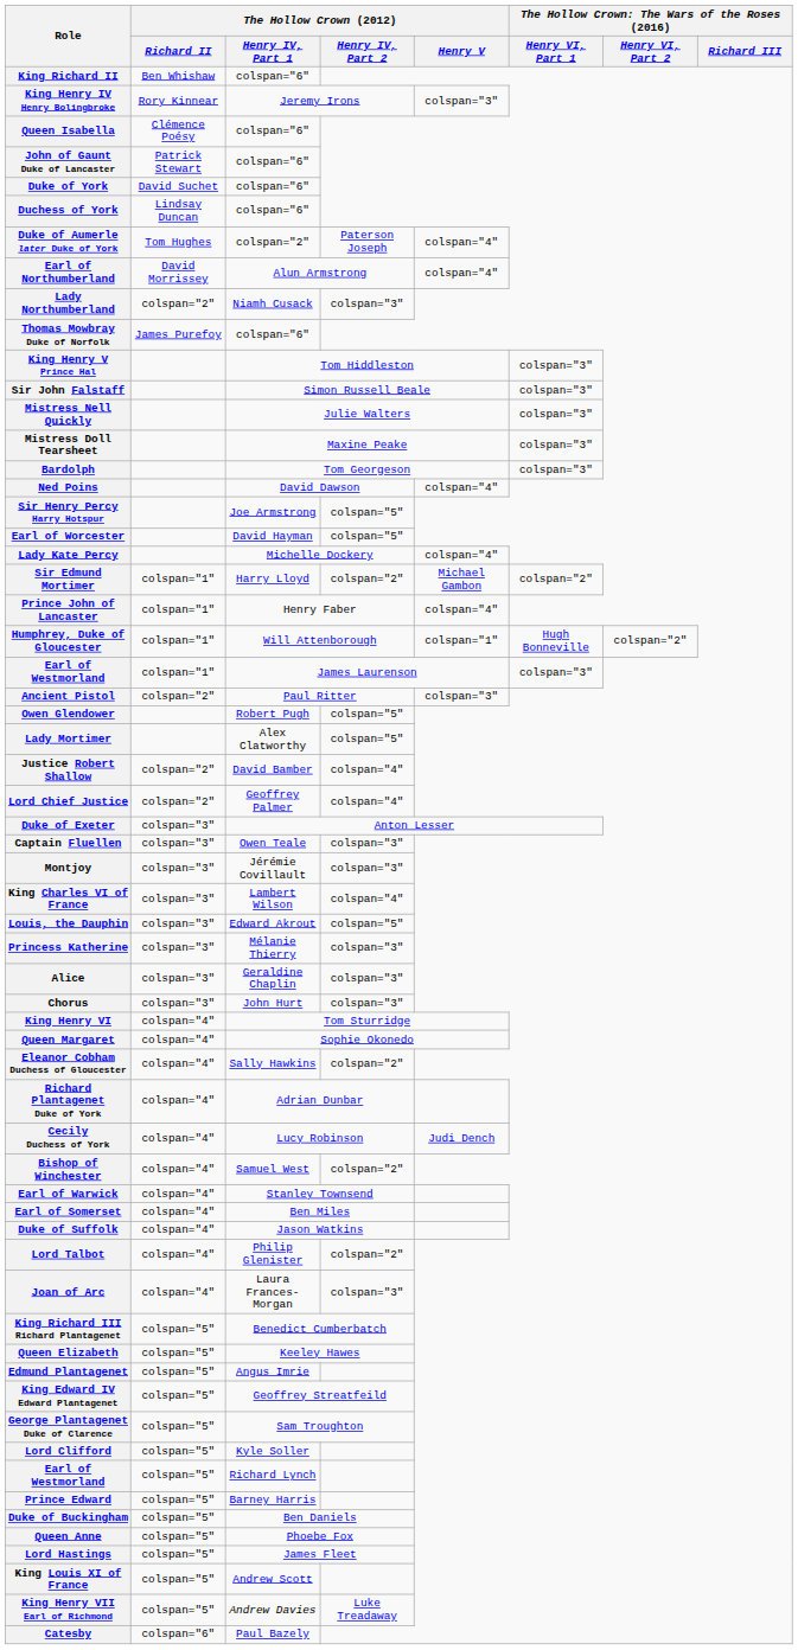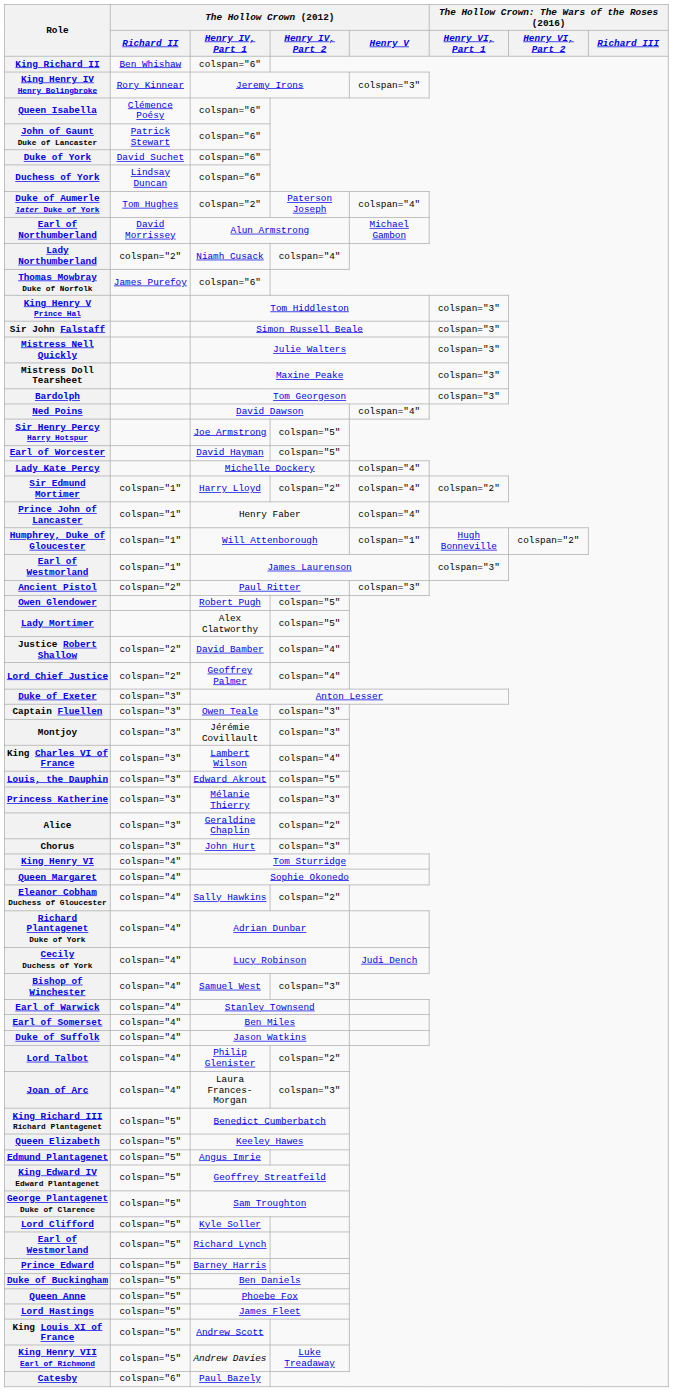 <table class="wikitable" style="text-align:center; width:73%;">
 <tr>
 <th scope="col" style="width: 16%;" rowspan="2">Role</th>
 <th scope="col" colspan="4"><em>The Hollow Crown</em> (2012)</th>
 <th scope="col" colspan="3"><em>The Hollow Crown: The Wars of the Roses</em> (2016)</th>
 </tr>
 <tr>
 <th scope="col" style="width: 12%;"><em><a href='#'>Richard II</a></em></th>
 <th scope="col" style="width: 12%;"><em><a href='#'>Henry IV,<br>Part 1</a></em></th>
 <th scope="col" style="width: 12%;"><em><a href='#'>Henry IV,<br>Part 2</a></em></th>
 <th scope="col" style="width: 12%;"><em><a href='#'>Henry V</a></em></th>
 <th scope="col" style="width: 12%;"><em><a href='#'>Henry VI,<br>Part 1</a></em></th>
 <th scope="col" style="width: 12%;"><em><a href='#'>Henry VI,<br>Part 2</a></em></th>
 <th scope="col" style="width: 12%;"><em><a href='#'>Richard III</a></em></th>
 </tr>
 <tr>
 <th><a href='#'>King Richard II</a></th>
 <td><a href='#'>Ben Whishaw</a></td>
 <td>colspan="6" </td>
 </tr>
 <tr>
 <th><a href='#'>King Henry IV <br><small>Henry Bolingbroke</small></a></th>
 <td><a href='#'>Rory Kinnear</a></td>
 <td colspan="2"><a href='#'>Jeremy Irons</a></td>
 <td>colspan="3" </td>
 </tr>
 <tr>
 <th><a href='#'>Queen Isabella</a></th>
 <td><a href='#'>Clémence Poésy</a></td>
 <td>colspan="6" </td>
 </tr>
 <tr>
 <th><a href='#'>John of Gaunt</a> <br><small>Duke of Lancaster</small></th>
 <td><a href='#'>Patrick Stewart</a></td>
 <td>colspan="6" </td>
 </tr>
 <tr>
 <th><a href='#'>Duke of York</a></th>
 <td><a href='#'>David Suchet</a></td>
 <td>colspan="6" </td>
 </tr>
 <tr>
 <th><a href='#'>Duchess of York</a></th>
 <td><a href='#'>Lindsay Duncan</a></td>
 <td>colspan="6" </td>
 </tr>
 <tr>
 <th><a href='#'>Duke of Aumerle <br><small><em>later</em> Duke of York</small></a></th>
 <td><a href='#'>Tom Hughes</a></td>
 <td>colspan="2" </td>
 <td><a href='#'>Paterson Joseph</a></td>
 <td>colspan="4" </td>
 </tr>
 <tr>
 <th><a href='#'>Earl of Northumberland</a></th>
 <td><a href='#'>David Morrissey</a></td>
 <td colspan="2"><a href='#'>Alun Armstrong</a></td>
-<td>colspan="4" </td>
+<td><a href='#'>Michael Gambon</a></td>
 </tr>
 <tr>
 <th><a href='#'>Lady Northumberland</a></th>
 <td>colspan="2" </td>
 <td><a href='#'>Niamh Cusack</a></td>
-<td>colspan="3" </td>
+<td>colspan="4" </td>
 </tr>
 <tr>
 <th><a href='#'>Thomas Mowbray</a> <br><small>Duke of Norfolk</small></th>
 <td><a href='#'>James Purefoy</a></td>
 <td>colspan="6" </td>
 </tr>
 <tr>
 <th><a href='#'>King Henry V <br><small>Prince Hal</small></a></th>
 <td></td>
 <td colspan="3"><a href='#'>Tom Hiddleston</a></td>
 <td>colspan="3" </td>
 </tr>
 <tr>
 <th>Sir John <a href='#'>Falstaff</a></th>
 <td></td>
 <td colspan="3"><a href='#'>Simon Russell Beale</a></td>
 <td>colspan="3" </td>
 </tr>
 <tr>
 <th><a href='#'>Mistress Nell Quickly</a></th>
 <td></td>
 <td colspan="3"><a href='#'>Julie Walters</a></td>
 <td>colspan="3" </td>
 </tr>
 <tr>
 <th>Mistress Doll Tearsheet</th>
 <td></td>
 <td colspan="3"><a href='#'>Maxine Peake</a></td>
 <td>colspan="3" </td>
 </tr>
 <tr>
 <th><a href='#'>Bardolph</a></th>
 <td></td>
 <td colspan="3"><a href='#'>Tom Georgeson</a></td>
 <td>colspan="3" </td>
 </tr>
 <tr>
 <th><a href='#'>Ned Poins</a></th>
 <td></td>
 <td colspan="2"><a href='#'>David Dawson</a></td>
 <td>colspan="4" </td>
 </tr>
 <tr>
 <th><a href='#'>Sir Henry Percy <br><small>Harry Hotspur</small></a></th>
 <td></td>
 <td colspan="1"><a href='#'>Joe Armstrong</a></td>
 <td>colspan="5" </td>
 </tr>
 <tr>
 <th><a href='#'>Earl of Worcester</a></th>
 <td></td>
 <td><a href='#'>David Hayman</a></td>
 <td>colspan="5" </td>
 </tr>
 <tr>
 <th><a href='#'>Lady Kate Percy</a></th>
 <td></td>
 <td colspan="2"><a href='#'>Michelle Dockery</a></td>
 <td>colspan="4" </td>
 </tr>
 <tr>
 <th><a href='#'>Sir Edmund Mortimer</a></th>
 <td>colspan="1" </td>
 <td colspan="1"><a href='#'>Harry Lloyd</a></td>
 <td>colspan="2" </td>
-<td><a href='#'>Michael Gambon</a></td>
+<td>colspan="4" </td>
 <td>colspan="2" </td>
 </tr>
 <tr>
 <th><a href='#'>Prince John of Lancaster</a></th>
 <td>colspan="1" </td>
 <td colspan="2">Henry Faber</td>
 <td>colspan="4" </td>
 </tr>
 <tr>
 <th><a href='#'>Humphrey, Duke of Gloucester</a></th>
 <td>colspan="1" </td>
 <td colspan="2"><a href='#'>Will Attenborough</a></td>
 <td>colspan="1" </td>
 <td><a href='#'>Hugh Bonneville</a></td>
 <td>colspan="2" </td>
 </tr>
 <tr>
 <th><a href='#'>Earl of Westmorland</a></th>
 <td>colspan="1" </td>
 <td colspan="3"><a href='#'>James Laurenson</a></td>
 <td>colspan="3" </td>
 </tr>
 <tr>
 <th><a href='#'>Ancient Pistol</a></th>
 <td>colspan="2" </td>
 <td colspan="2"><a href='#'>Paul Ritter</a></td>
 <td>colspan="3" </td>
 </tr>
 <tr>
 <th><a href='#'>Owen Glendower</a></th>
 <td></td>
 <td><a href='#'>Robert Pugh</a></td>
 <td>colspan="5" </td>
 </tr>
 <tr>
 <th><a href='#'>Lady Mortimer</a></th>
 <td></td>
 <td>Alex Clatworthy</td>
 <td>colspan="5" </td>
 </tr>
 <tr>
 <th>Justice <a href='#'>Robert Shallow</a></th>
 <td>colspan="2" </td>
 <td><a href='#'>David Bamber</a></td>
 <td>colspan="4" </td>
 </tr>
 <tr>
 <th><a href='#'>Lord Chief Justice</a></th>
 <td>colspan="2" </td>
 <td><a href='#'>Geoffrey Palmer</a></td>
 <td>colspan="4" </td>
 </tr>
 <tr>
 <th><a href='#'>Duke of Exeter</a></th>
 <td>colspan="3" </td>
 <td colspan="4"><a href='#'>Anton Lesser</a></td>
 </tr>
 <tr>
 <th>Captain <a href='#'>Fluellen</a></th>
 <td>colspan="3" </td>
 <td><a href='#'>Owen Teale</a></td>
 <td>colspan="3" </td>
 </tr>
 <tr>
 <th>Montjoy</th>
 <td>colspan="3" </td>
 <td>Jérémie Covillault</td>
 <td>colspan="3" </td>
 </tr>
 <tr>
 <th>King <a href='#'>Charles VI of France</a></th>
 <td>colspan="3" </td>
 <td><a href='#'>Lambert Wilson</a></td>
 <td>colspan="4" </td>
 </tr>
 <tr>
 <th><a href='#'>Louis, the Dauphin</a></th>
 <td>colspan="3" </td>
 <td><a href='#'>Edward Akrout</a></td>
 <td>colspan="5" </td>
 </tr>
 <tr>
 <th><a href='#'>Princess Katherine</a></th>
 <td>colspan="3" </td>
 <td><a href='#'>Mélanie Thierry</a></td>
 <td>colspan="3" </td>
 </tr>
 <tr>
 <th>Alice</th>
 <td>colspan="3" </td>
 <td><a href='#'>Geraldine Chaplin</a></td>
-<td>colspan="3" </td>
+<td>colspan="2" </td>
 </tr>
 <tr>
 <th>Chorus</th>
 <td>colspan="3" </td>
 <td><a href='#'>John Hurt</a></td>
 <td>colspan="3" </td>
 </tr>
 <tr>
 <th><a href='#'>King Henry VI</a></th>
 <td>colspan="4" </td>
 <td colspan="3"><a href='#'>Tom Sturridge</a></td>
 </tr>
 <tr>
 <th><a href='#'>Queen Margaret</a></th>
 <td>colspan="4" </td>
 <td colspan="3"><a href='#'>Sophie Okonedo</a></td>
 </tr>
 <tr>
 <th><a href='#'>Eleanor Cobham</a> <br><small>Duchess of Gloucester</small></th>
 <td>colspan="4" </td>
 <td><a href='#'>Sally Hawkins</a></td>
 <td>colspan="2" </td>
 </tr>
 <tr>
 <th><a href='#'>Richard Plantagenet</a> <br><small>Duke of York</small></th>
 <td>colspan="4" </td>
 <td colspan="2"><a href='#'>Adrian Dunbar</a></td>
 <td></td>
 </tr>
 <tr>
 <th><a href='#'>Cecily</a> <br><small>Duchess of York</small></th>
 <td>colspan="4" </td>
 <td colspan="2"><a href='#'>Lucy Robinson</a></td>
 <td><a href='#'>Judi Dench</a></td>
 </tr>
 <tr>
 <th><a href='#'>Bishop of Winchester</a></th>
 <td>colspan="4" </td>
 <td><a href='#'>Samuel West</a></td>
-<td>colspan="2" </td>
+<td>colspan="3" </td>
 </tr>
 <tr>
 <th><a href='#'>Earl of Warwick</a></th>
 <td>colspan="4" </td>
 <td colspan="2"><a href='#'>Stanley Townsend</a></td>
 <td></td>
 </tr>
 <tr>
 <th><a href='#'>Earl of Somerset</a></th>
 <td>colspan="4" </td>
 <td colspan="2"><a href='#'>Ben Miles</a></td>
 <td></td>
 </tr>
 <tr>
 <th><a href='#'>Duke of Suffolk</a></th>
 <td>colspan="4" </td>
 <td colspan="2"><a href='#'>Jason Watkins</a></td>
 <td></td>
 </tr>
 <tr>
 <th><a href='#'>Lord Talbot</a></th>
 <td>colspan="4" </td>
 <td><a href='#'>Philip Glenister</a></td>
 <td>colspan="2" </td>
 </tr>
 <tr>
 <th><a href='#'>Joan of Arc</a></th>
 <td>colspan="4" </td>
 <td>Laura Frances-Morgan</td>
 <td>colspan="3" </td>
 </tr>
 <tr>
 <th><a href='#'>King Richard III</a> <br><small>Richard Plantagenet</small></th>
 <td>colspan="5" </td>
 <td colspan="2"><a href='#'>Benedict Cumberbatch</a></td>
 </tr>
 <tr>
 <th><a href='#'>Queen Elizabeth</a></th>
 <td>colspan="5" </td>
 <td colspan="2"><a href='#'>Keeley Hawes</a></td>
 </tr>
 <tr>
 <th><a href='#'>Edmund Plantagenet</a></th>
 <td>colspan="5" </td>
 <td><a href='#'>Angus Imrie</a></td>
 <td></td>
 </tr>
 <tr>
 <th><a href='#'>King Edward IV</a> <br><small>Edward Plantagenet</small></th>
 <td>colspan="5" </td>
 <td colspan="2"><a href='#'>Geoffrey Streatfeild</a></td>
 </tr>
 <tr>
 <th><a href='#'>George Plantagenet</a> <br><small>Duke of Clarence</small></th>
 <td>colspan="5" </td>
 <td colspan="2"><a href='#'>Sam Troughton</a></td>
 </tr>
 <tr>
 <th><a href='#'>Lord Clifford</a></th>
 <td>colspan="5" </td>
 <td><a href='#'>Kyle Soller</a></td>
 <td></td>
 </tr>
 <tr>
 <th><a href='#'>Earl of Westmorland</a></th>
 <td>colspan="5" </td>
 <td><a href='#'>Richard Lynch</a></td>
 <td></td>
 </tr>
 <tr>
 <th><a href='#'> Prince Edward</a></th>
 <td>colspan="5" </td>
 <td><a href='#'>Barney Harris</a></td>
 <td></td>
 </tr>
 <tr>
 <th><a href='#'>Duke of Buckingham</a></th>
 <td>colspan="5" </td>
 <td colspan="2"><a href='#'>Ben Daniels</a></td>
 </tr>
 <tr>
 <th><a href='#'>Queen Anne</a></th>
 <td>colspan="5" </td>
 <td colspan="2"><a href='#'>Phoebe Fox</a></td>
 </tr>
 <tr>
 <th><a href='#'>Lord Hastings</a></th>
 <td>colspan="5" </td>
 <td colspan="2"><a href='#'>James Fleet</a></td>
 </tr>
 <tr>
 <th>King <a href='#'>Louis XI of France</a></th>
 <td>colspan="5" </td>
 <td><a href='#'>Andrew Scott</a></td>
 <td></td>
 </tr>
 <tr>
 <th><a href='#'>King Henry VII <br><small>Earl of Richmond</small></a></th>
 <td>colspan="5" </td>
 <td><em>Andrew Davies</em></td>
 <td><a href='#'>Luke Treadaway</a></td>
 </tr>
 <tr>
 <th><a href='#'>Catesby</a></th>
 <td>colspan="6" </td>
 <td><a href='#'>Paul Bazely</a></td>
 </tr>
 </table>
